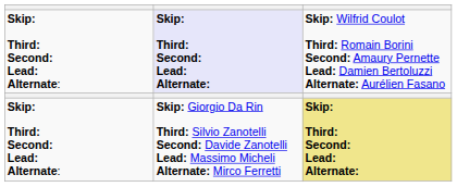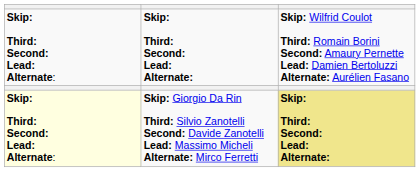 <table class="wikitable">
 <tr>
 <th bgcolor="#efefef" width="200"></th>
 <th bgcolor="#efefef" width="200"></th>
 <th bgcolor="#efefef" width="200"></th>
 </tr>
 <tr align=center>
 <td align=left><strong>Skip:</strong>  <br><br><strong>Third:</strong>  <br> <strong>Second:</strong>  <br> <strong>Lead:</strong>  <br> <strong>Alternate</strong>:</td>
-<td align=left style="background: lavender;"><strong>Skip:</strong>  <br><br><strong>Third:</strong> <br> <strong>Second:</strong> <br> <strong>Lead:</strong>  <br> <strong>Alternate:</strong></td>
+<td align=left><strong>Skip:</strong>  <br><br><strong>Third:</strong> <br> <strong>Second:</strong> <br> <strong>Lead:</strong>  <br> <strong>Alternate:</strong></td>
 <td align=left><strong>Skip:</strong> <a href='#'>Wilfrid Coulot</a> <br><br><strong>Third:</strong> <a href='#'>Romain Borini</a> <br> <strong>Second:</strong> <a href='#'>Amaury Pernette</a> <br> <strong>Lead:</strong> <a href='#'>Damien Bertoluzzi</a> <br> <strong>Alternate:</strong> <a href='#'>Aurélien Fasano</a></td>
 </tr>
 <tr>
 <th bgcolor="#efefef" width="200"></th>
 <th bgcolor="#efefef" width="200"></th>
 <th bgcolor="#efefef" width="200"></th>
 </tr>
 <tr align=center>
-<td align=left><strong>Skip:</strong>  <br><br><strong>Third:</strong>  <br> <strong>Second:</strong>  <br> <strong>Lead:</strong>  <br> <strong>Alternate</strong>:</td>
+<td align=left style="background: lightyellow;"><strong>Skip:</strong>  <br><br><strong>Third:</strong>  <br> <strong>Second:</strong>  <br> <strong>Lead:</strong>  <br> <strong>Alternate</strong>:</td>
 <td align=left><strong>Skip:</strong> <a href='#'>Giorgio Da Rin</a> <br><br><strong>Third:</strong> <a href='#'>Silvio Zanotelli</a> <br> <strong>Second:</strong> <a href='#'>Davide Zanotelli</a> <br> <strong>Lead:</strong> <a href='#'>Massimo Micheli</a> <br> <strong>Alternate:</strong> <a href='#'>Mirco Ferretti</a></td>
 <td align=left style="background: khaki;"><strong>Skip:</strong>  <br><br><strong>Third:</strong>  <br> <strong>Second:</strong>  <br> <strong>Lead:</strong>  <br> <strong>Alternate:</strong></td>
 </tr>
 </table>
